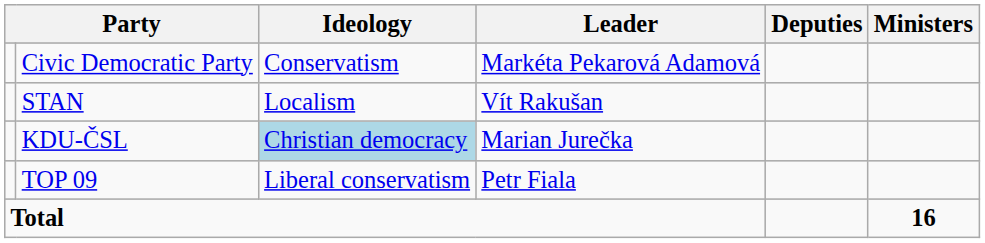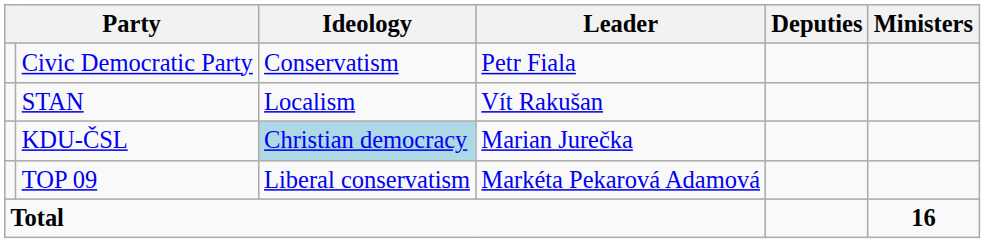 <table class="wikitable" style="text-align:left">
 <tr>
 <th colspan="4">Party</th>
 <th>Ideology</th>
 <th>Leader</th>
 <th>Deputies</th>
 <th>Ministers</th>
 </tr>
 <tr>
 <td style="background:"></td>
 <td colspan="3"><a href='#'>Civic Democratic Party</a><br></td>
 <td><a href='#'>Conservatism</a></td>
-<td><a href='#'>Markéta Pekarová Adamová</a></td>
+<td><a href='#'>Petr Fiala</a></td>
 <td></td>
 <td></td>
 </tr>
 <tr>
 <td style="background:"></td>
 <td colspan="3"><a href='#'>STAN</a><br></td>
 <td><a href='#'>Localism</a></td>
 <td><a href='#'>Vít Rakušan</a></td>
 <td></td>
 <td></td>
 </tr>
 <tr>
 <td style="background:"></td>
 <td colspan="3"><a href='#'>KDU-ČSL</a><br></td>
 <td style="background: lightblue;"><a href='#'>Christian democracy</a></td>
 <td><a href='#'>Marian Jurečka</a></td>
 <td></td>
 <td></td>
 </tr>
 <tr>
 <td style="background:"></td>
 <td colspan="3"><a href='#'>TOP 09</a><br></td>
 <td><a href='#'>Liberal conservatism</a></td>
-<td><a href='#'>Petr Fiala</a></td>
+<td><a href='#'>Markéta Pekarová Adamová</a></td>
 <td></td>
 <td></td>
 </tr>
 <tr>
 <td colspan=6><strong>Total</strong></td>
 <td></td>
 <td align=center><strong>16</strong></td>
 </tr>
 </table>
